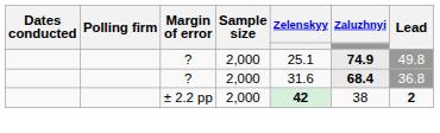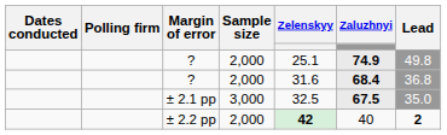 <table class="wikitable sortable mw-datatable mw-collapsible" style="text-align:center;font-size:90%;line-height:14px;">
 <tr style="height:40px;">
 <th rowspan="2">Dates<br>conducted</th>
 <th rowspan="2">Polling firm</th>
 <th rowspan="2">Margin<br>of error</th>
 <th rowspan="2">Sample<br>size</th>
 <th><small><a href='#'>Zelenskyy</a></small><br></th>
 <th><small><a href='#'>Zaluzhnyi</a></small><br></th>
 <th rowspan="2" style="width:40px;">Lead</th>
 </tr>
 <tr>
 <th data-sort-type="number" style="background:"></th>
 <th data-sort-type="number" style="background:#989898;"></th>
 </tr>
 <tr>
 <td></td>
 <td></td>
 <td>?</td>
 <td>2,000</td>
 <td>25.1</td>
 <td style="background:#EAEAEA;"><strong>74.9</strong></td>
 <td style="background:#989898; color:white;">49.8</td>
 </tr>
 <tr>
 <td></td>
 <td></td>
 <td>?</td>
 <td>2,000</td>
 <td>31.6</td>
 <td style="background:#EAEAEA;"><strong>68.4</strong></td>
 <td style="background:#989898; color:white;">36.8</td>
 </tr>
 <tr>
 <td></td>
 <td></td>
+<td>± 2.1 pp</td>
+<td>3,000</td>
+<td>32.5</td>
+<td style="background:#EAEAEA;"><strong>67.5</strong></td>
+<td style="background:#989898; color:white;">35.0</td>
+</tr>
+<tr>
+<td></td>
+<td></td>
 <td>± 2.2 pp</td>
 <td>2,000</td>
 <td style="background:#D7F0DB"><strong>42</strong></td>
-<td>38</td>
+<td>40</td>
 <td style="background:"><strong>2</strong></td>
 </tr>
 </table>
